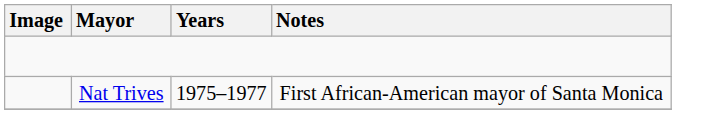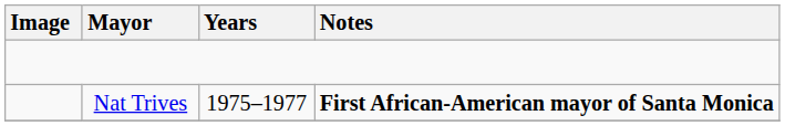 <table class="wikitable" style="text-align:center">
 <tr>
 <th style="text-align:left; width:10%;">Image</th>
 <th style="text-align:left; width:15%;">Mayor</th>
 <th style="text-align:left; width:15%;">Years</th>
 <th style="text-align:left; width:60%;">Notes</th>
 </tr>
 <tr style="height:2em">
 </tr>
 <tr>
 <td></td>
 <td><a href='#'>Nat Trives</a></td>
 <td>1975–1977</td>
-<td>First African-American mayor of Santa Monica</td>
+<td><strong>First African-American mayor of Santa Monica</strong></td>
 </tr>
 <tr>
 </tr>
 </table>
